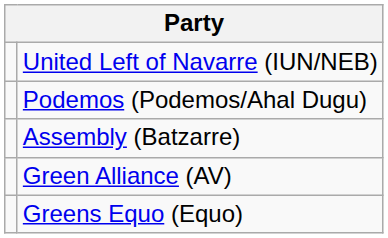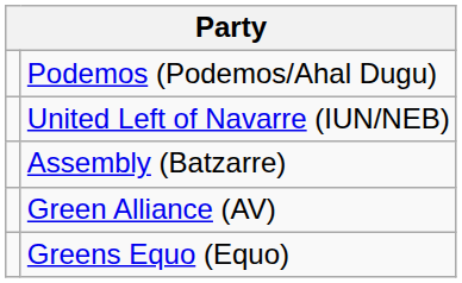 <table class="wikitable" style="text-align:left;">
 <tr>
 <th colspan="2">Party</th>
 </tr>
 <tr>
+<td width="1"></td>
+<td><a href='#'>Podemos</a> (Podemos/Ahal Dugu)</td>
+</tr>
+<tr>
 <td></td>
 <td><a href='#'>United Left of Navarre</a> (IUN/NEB)</td>
-</tr>
-<tr>
-<td width="1"></td>
-<td><a href='#'>Podemos</a> (Podemos/Ahal Dugu)</td>
 </tr>
 <tr>
 <td></td>
 <td><a href='#'>Assembly</a> (Batzarre)</td>
 </tr>
 <tr>
 <td></td>
 <td><a href='#'>Green Alliance</a> (AV)</td>
 </tr>
 <tr>
 <td></td>
 <td><a href='#'>Greens Equo</a> (Equo)</td>
 </tr>
 </table>
